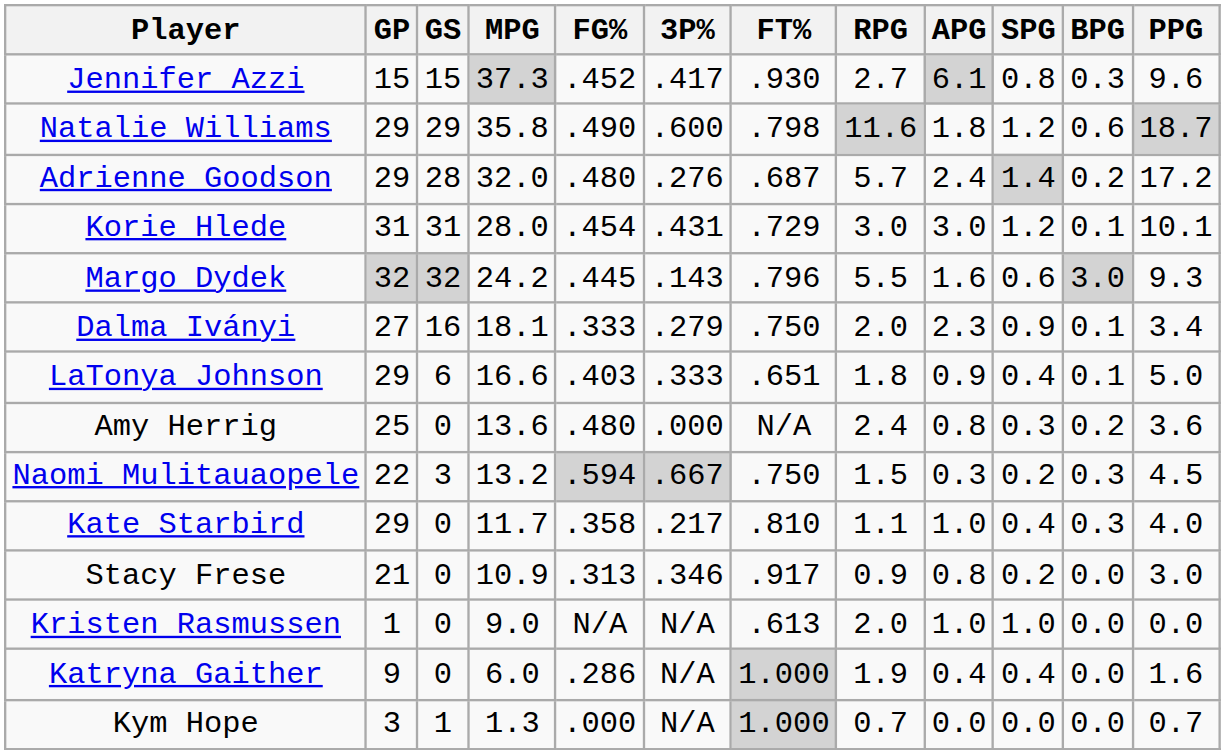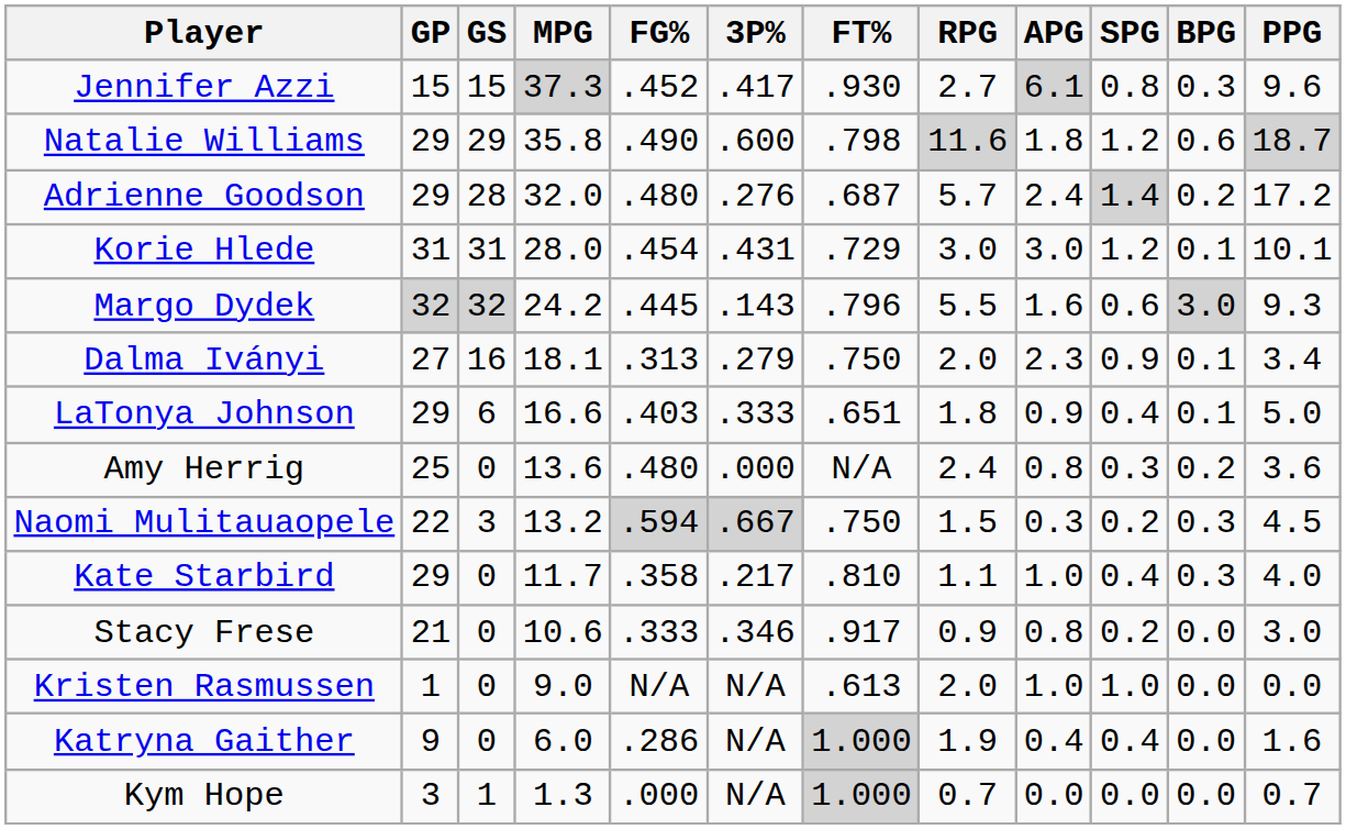 <table class="wikitable sortable" style="text-align:center;">
 <tr>
 <th>Player</th>
 <th>GP</th>
 <th>GS</th>
 <th>MPG</th>
 <th>FG%</th>
 <th>3P%</th>
 <th>FT%</th>
 <th>RPG</th>
 <th>APG</th>
 <th>SPG</th>
 <th>BPG</th>
 <th>PPG</th>
 </tr>
 <tr>
 <td><a href='#'>Jennifer Azzi</a></td>
 <td>15</td>
 <td>15</td>
 <td style="background:#D3D3D3;">37.3</td>
 <td>.452</td>
 <td>.417</td>
 <td>.930</td>
 <td>2.7</td>
 <td style="background:#D3D3D3;">6.1</td>
 <td>0.8</td>
 <td>0.3</td>
 <td>9.6</td>
 </tr>
 <tr>
 <td><a href='#'>Natalie Williams</a></td>
 <td>29</td>
 <td>29</td>
 <td>35.8</td>
 <td>.490</td>
 <td>.600</td>
 <td>.798</td>
 <td style="background:#D3D3D3;">11.6</td>
 <td>1.8</td>
 <td>1.2</td>
 <td>0.6</td>
 <td style="background:#D3D3D3;">18.7</td>
 </tr>
 <tr>
 <td><a href='#'>Adrienne Goodson</a></td>
 <td>29</td>
 <td>28</td>
 <td>32.0</td>
 <td>.480</td>
 <td>.276</td>
 <td>.687</td>
 <td>5.7</td>
 <td>2.4</td>
 <td style="background:#D3D3D3;">1.4</td>
 <td>0.2</td>
 <td>17.2</td>
 </tr>
 <tr>
 <td><a href='#'>Korie Hlede</a></td>
 <td>31</td>
 <td>31</td>
 <td>28.0</td>
 <td>.454</td>
 <td>.431</td>
 <td>.729</td>
 <td>3.0</td>
 <td>3.0</td>
 <td>1.2</td>
 <td>0.1</td>
 <td>10.1</td>
 </tr>
 <tr>
 <td><a href='#'>Margo Dydek</a></td>
 <td style="background:#D3D3D3;">32</td>
 <td style="background:#D3D3D3;">32</td>
 <td>24.2</td>
 <td>.445</td>
 <td>.143</td>
 <td>.796</td>
 <td>5.5</td>
 <td>1.6</td>
 <td>0.6</td>
 <td style="background:#D3D3D3;">3.0</td>
 <td>9.3</td>
 </tr>
 <tr>
 <td><a href='#'>Dalma Iványi</a></td>
 <td>27</td>
 <td>16</td>
 <td>18.1</td>
-<td>.333</td>
+<td>.313</td>
 <td>.279</td>
 <td>.750</td>
 <td>2.0</td>
 <td>2.3</td>
 <td>0.9</td>
 <td>0.1</td>
 <td>3.4</td>
 </tr>
 <tr>
 <td><a href='#'>LaTonya Johnson</a></td>
 <td>29</td>
 <td>6</td>
 <td>16.6</td>
 <td>.403</td>
 <td>.333</td>
 <td>.651</td>
 <td>1.8</td>
 <td>0.9</td>
 <td>0.4</td>
 <td>0.1</td>
 <td>5.0</td>
 </tr>
 <tr>
 <td>Amy Herrig</td>
 <td>25</td>
 <td>0</td>
 <td>13.6</td>
 <td>.480</td>
 <td>.000</td>
 <td>N/A</td>
 <td>2.4</td>
 <td>0.8</td>
 <td>0.3</td>
 <td>0.2</td>
 <td>3.6</td>
 </tr>
 <tr>
 <td><a href='#'>Naomi Mulitauaopele</a></td>
 <td>22</td>
 <td>3</td>
 <td>13.2</td>
 <td style="background:#D3D3D3;">.594</td>
 <td style="background:#D3D3D3;">.667</td>
 <td>.750</td>
 <td>1.5</td>
 <td>0.3</td>
 <td>0.2</td>
 <td>0.3</td>
 <td>4.5</td>
 </tr>
 <tr>
 <td><a href='#'>Kate Starbird</a></td>
 <td>29</td>
 <td>0</td>
 <td>11.7</td>
 <td>.358</td>
 <td>.217</td>
 <td>.810</td>
 <td>1.1</td>
 <td>1.0</td>
 <td>0.4</td>
 <td>0.3</td>
 <td>4.0</td>
 </tr>
 <tr>
 <td>Stacy Frese</td>
 <td>21</td>
 <td>0</td>
-<td>10.9</td>
-<td>.313</td>
+<td>10.6</td>
+<td>.333</td>
 <td>.346</td>
 <td>.917</td>
 <td>0.9</td>
 <td>0.8</td>
 <td>0.2</td>
 <td>0.0</td>
 <td>3.0</td>
 </tr>
 <tr>
 <td><a href='#'>Kristen Rasmussen</a></td>
 <td>1</td>
 <td>0</td>
 <td>9.0</td>
 <td>N/A</td>
 <td>N/A</td>
 <td>.613</td>
 <td>2.0</td>
 <td>1.0</td>
 <td>1.0</td>
 <td>0.0</td>
 <td>0.0</td>
 </tr>
 <tr>
 <td><a href='#'>Katryna Gaither</a></td>
 <td>9</td>
 <td>0</td>
 <td>6.0</td>
 <td>.286</td>
 <td>N/A</td>
 <td style="background:#D3D3D3;">1.000</td>
 <td>1.9</td>
 <td>0.4</td>
 <td>0.4</td>
 <td>0.0</td>
 <td>1.6</td>
 </tr>
 <tr>
 <td>Kym Hope</td>
 <td>3</td>
 <td>1</td>
 <td>1.3</td>
 <td>.000</td>
 <td>N/A</td>
 <td style="background:#D3D3D3;">1.000</td>
 <td>0.7</td>
 <td>0.0</td>
 <td>0.0</td>
 <td>0.0</td>
 <td>0.7</td>
 </tr>
 <tr>
 </tr>
 </table>
